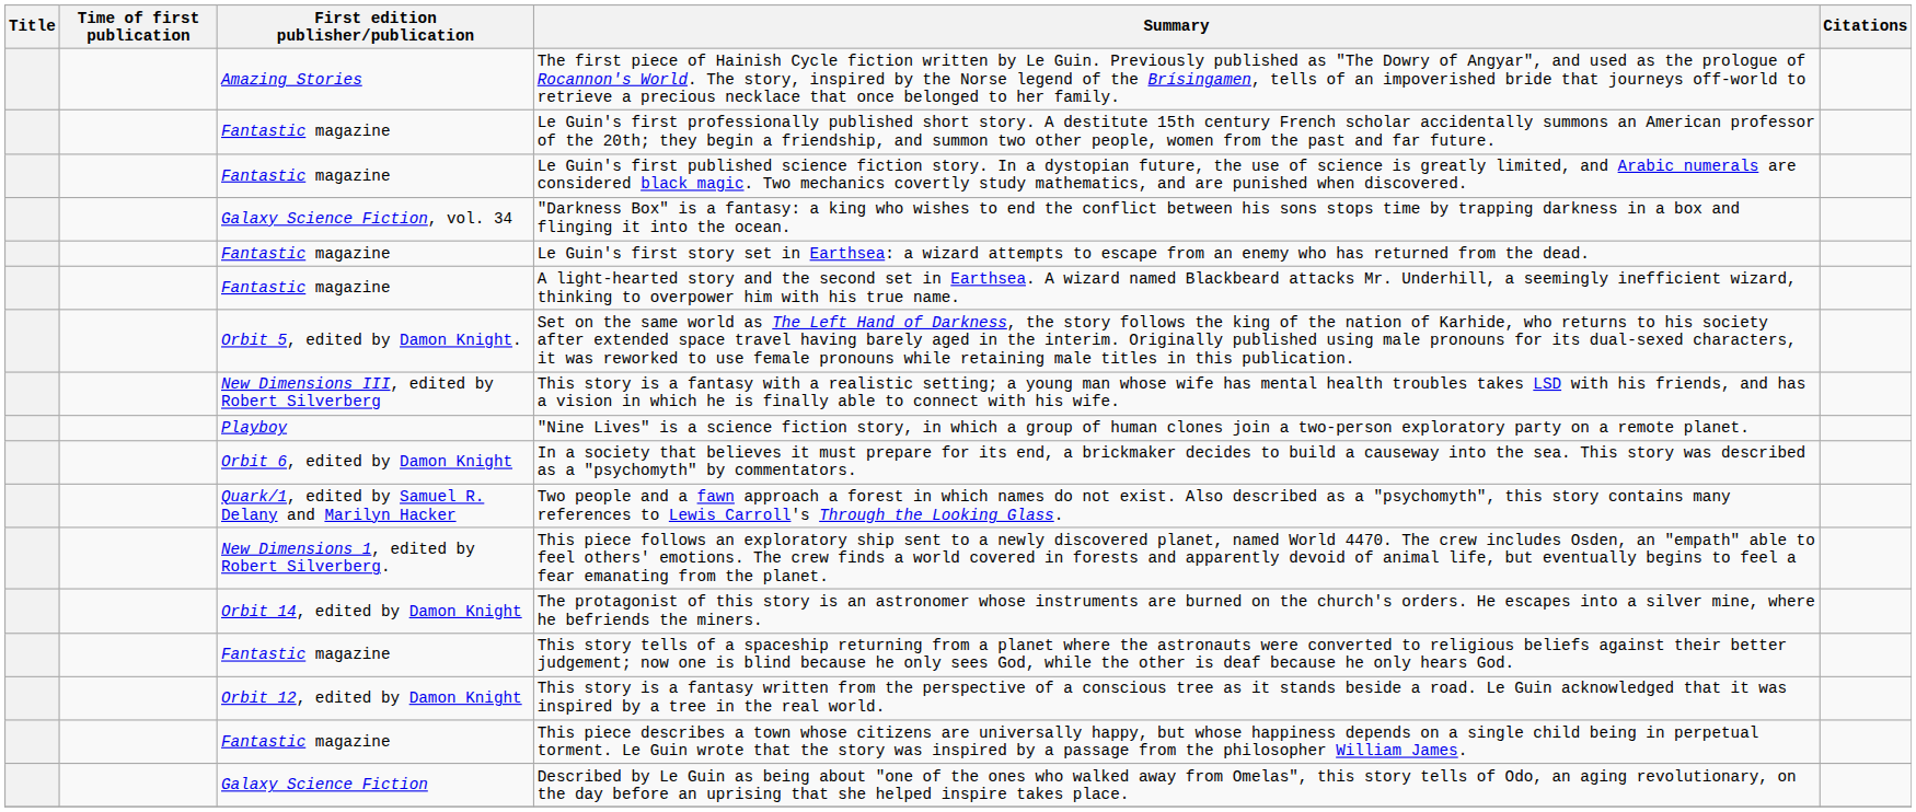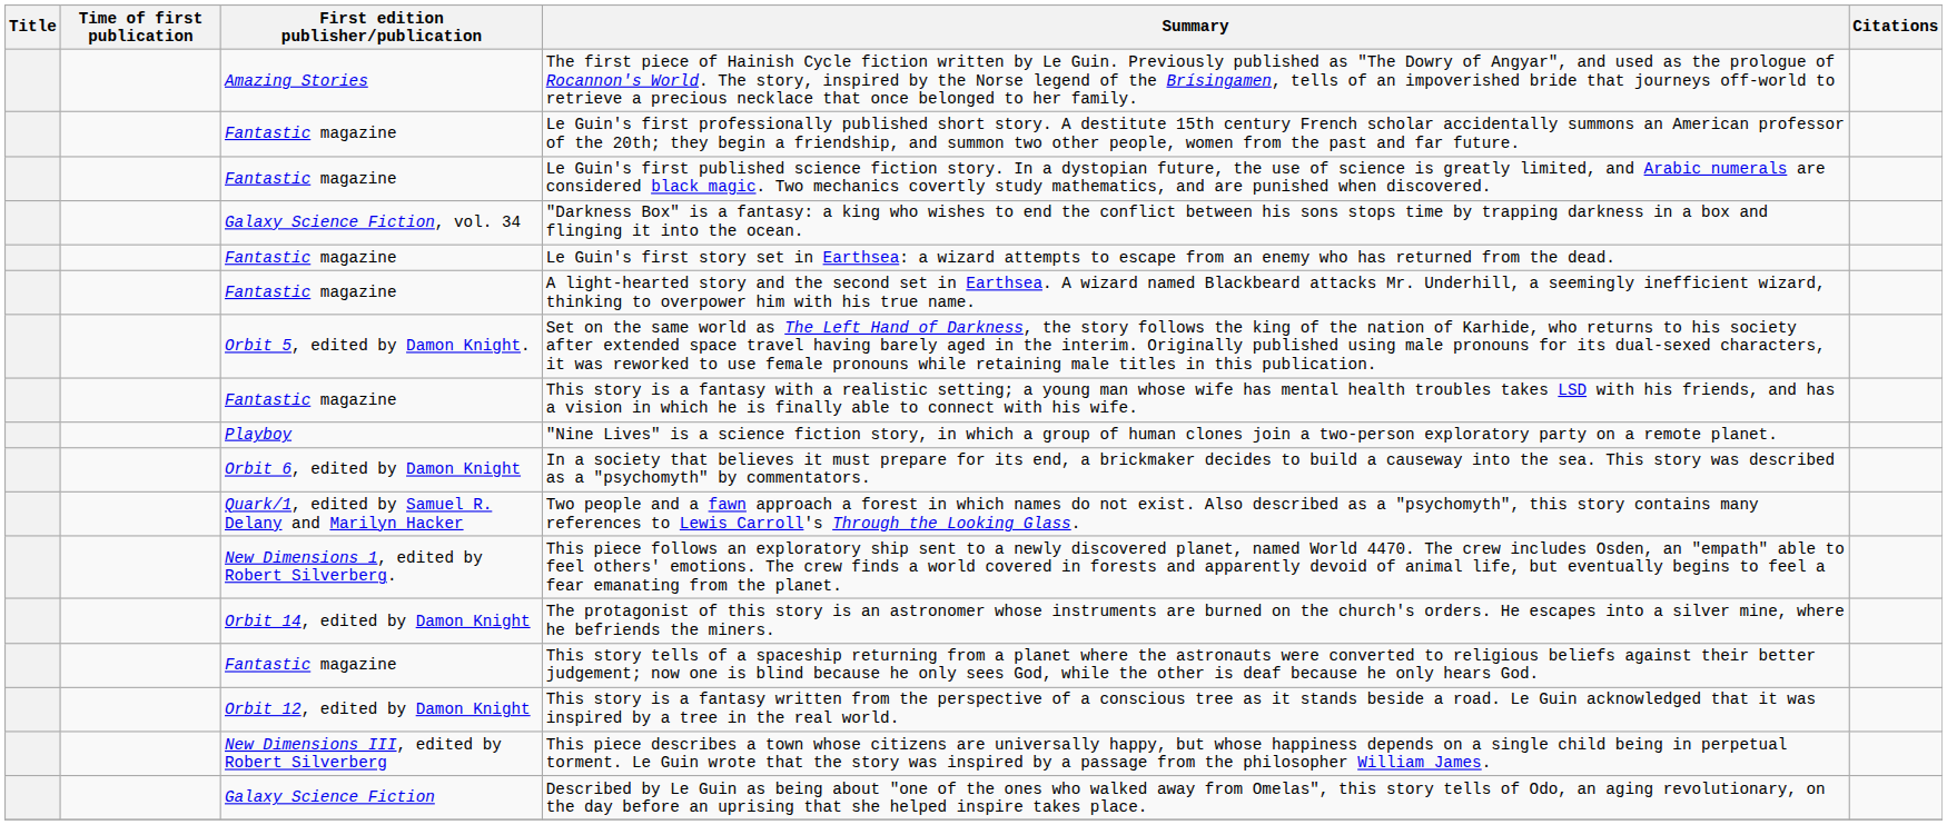 <table class="wikitable sortable plainrowheaders" style="margin-right: 0;">
 <tr>
 <th scope="col">Title</th>
 <th scope="col">Time of first publication</th>
 <th scope="col" class="unsortable">First edition publisher/publication</th>
 <th scope="col" class="unsortable">Summary</th>
 <th scope="col" class="unsortable">Citations</th>
 </tr>
 <tr>
 <th scope="row"></th>
 <td></td>
 <td><em><a href='#'>Amazing Stories</a></em></td>
 <td>The first piece of Hainish Cycle fiction written by Le Guin. Previously published as "The Dowry of Angyar", and used as the prologue of <em><a href='#'>Rocannon's World</a></em>. The story, inspired by the Norse legend of the <em><a href='#'>Brísingamen</a></em>, tells of an impoverished bride that journeys off-world to retrieve a precious necklace that once belonged to her family.</td>
 <td></td>
 </tr>
 <tr>
 <th scope="row"></th>
 <td></td>
 <td><em><a href='#'>Fantastic</a></em> magazine</td>
 <td>Le Guin's first professionally published short story. A destitute 15th century French scholar accidentally summons an American professor of the 20th; they begin a friendship, and summon two other people, women from the past and far future.</td>
 <td></td>
 </tr>
 <tr>
 <th scope="row"></th>
 <td></td>
 <td><em><a href='#'>Fantastic</a></em> magazine</td>
 <td>Le Guin's first published science fiction story. In a dystopian future, the use of science is greatly limited, and <a href='#'>Arabic numerals</a> are considered <a href='#'>black magic</a>. Two mechanics covertly study mathematics, and are punished when discovered.</td>
 <td></td>
 </tr>
 <tr>
 <th scope="row"></th>
 <td></td>
 <td><em><a href='#'>Galaxy Science Fiction</a></em>, vol. 34</td>
 <td>"Darkness Box" is a fantasy: a king who wishes to end the conflict between his sons stops time by trapping darkness in a box and flinging it into the ocean.</td>
 <td></td>
 </tr>
 <tr>
 <th scope="row"></th>
 <td></td>
 <td><em><a href='#'>Fantastic</a></em> magazine</td>
 <td>Le Guin's first story set in <a href='#'>Earthsea</a>: a wizard attempts to escape from an enemy who has returned from the dead.</td>
 <td></td>
 </tr>
 <tr>
 <th scope="row"></th>
 <td></td>
 <td><em><a href='#'>Fantastic</a></em> magazine</td>
 <td>A light-hearted story and the second set in <a href='#'>Earthsea</a>. A wizard named Blackbeard attacks Mr. Underhill, a seemingly inefficient wizard, thinking to overpower him with his true name.</td>
 <td></td>
 </tr>
 <tr>
 <th scope="row"></th>
 <td></td>
 <td><em><a href='#'>Orbit 5</a></em>, edited by <a href='#'>Damon Knight</a>.</td>
 <td>Set on the same world as <em><a href='#'>The Left Hand of Darkness</a></em>, the story follows the king of the nation of Karhide, who returns to his society after extended space travel having barely aged in the interim. Originally published using male pronouns for its dual-sexed characters, it was reworked to use female pronouns while retaining male titles in this publication.</td>
 <td></td>
 </tr>
 <tr>
 <th scope="row"></th>
 <td></td>
-<td><em><a href='#'>New Dimensions III</a></em>, edited by <a href='#'>Robert Silverberg</a></td>
+<td><em><a href='#'>Fantastic</a></em> magazine</td>
 <td>This story is a fantasy with a realistic setting; a young man whose wife has mental health troubles takes <a href='#'>LSD</a> with his friends, and has a vision in which he is finally able to connect with his wife.</td>
 <td></td>
 </tr>
 <tr>
 <th scope="row"></th>
 <td></td>
 <td><em><a href='#'>Playboy</a></em></td>
 <td>"Nine Lives" is a science fiction story, in which a group of human clones join a two-person exploratory party on a remote planet.</td>
 <td></td>
 </tr>
 <tr>
 <th scope="row"></th>
 <td></td>
 <td><em><a href='#'>Orbit 6</a></em>, edited by <a href='#'>Damon Knight</a></td>
 <td>In a society that believes it must prepare for its end, a brickmaker decides to build a causeway into the sea. This story was described as a "psychomyth" by commentators.</td>
 <td></td>
 </tr>
 <tr>
 <th scope="row"></th>
 <td></td>
 <td><em><a href='#'>Quark/1</a></em>, edited by <a href='#'>Samuel R. Delany</a> and <a href='#'>Marilyn Hacker</a></td>
 <td>Two people and a <a href='#'>fawn</a> approach a forest in which names do not exist. Also described as a "psychomyth", this story contains many references to <a href='#'>Lewis Carroll</a>'s <em><a href='#'>Through the Looking Glass</a></em>.</td>
 <td></td>
 </tr>
 <tr>
 <th scope="row"></th>
 <td></td>
 <td><em><a href='#'>New Dimensions 1</a></em>, edited by <a href='#'>Robert Silverberg</a>.</td>
 <td>This piece follows an exploratory ship sent to a newly discovered planet, named World 4470. The crew includes Osden, an "empath" able to feel others' emotions. The crew finds a world covered in forests and apparently devoid of animal life, but eventually begins to feel a fear emanating from the planet.</td>
 <td></td>
 </tr>
 <tr>
 <th scope="row"></th>
 <td></td>
 <td><em><a href='#'>Orbit 14</a></em>, edited by <a href='#'>Damon Knight</a></td>
 <td>The protagonist of this story is an astronomer whose instruments are burned on the church's orders. He escapes into a silver mine, where he befriends the miners.</td>
 <td></td>
 </tr>
 <tr>
 <th scope="row"></th>
 <td></td>
 <td><em><a href='#'>Fantastic</a></em> magazine</td>
 <td>This story tells of a spaceship returning from a planet where the astronauts were converted to religious beliefs against their better judgement; now one is blind because he only sees God, while the other is deaf because he only hears God.</td>
 <td></td>
 </tr>
 <tr>
 <th scope="row"></th>
 <td></td>
 <td><em><a href='#'>Orbit 12</a></em>, edited by <a href='#'>Damon Knight</a></td>
 <td>This story is a fantasy written from the perspective of a conscious tree as it stands beside a road. Le Guin acknowledged that it was inspired by a tree in the real world.</td>
 <td></td>
 </tr>
 <tr>
 <th scope="row"></th>
 <td></td>
-<td><em><a href='#'>Fantastic</a></em> magazine</td>
+<td><em><a href='#'>New Dimensions III</a></em>, edited by <a href='#'>Robert Silverberg</a></td>
 <td>This piece describes a town whose citizens are universally happy, but whose happiness depends on a single child being in perpetual torment. Le Guin wrote that the story was inspired by a passage from the philosopher <a href='#'>William James</a>.</td>
 <td></td>
 </tr>
 <tr>
 <th scope="row"></th>
 <td></td>
 <td><em><a href='#'>Galaxy Science Fiction</a></em></td>
 <td>Described by Le Guin as being about "one of the ones who walked away from Omelas", this story tells of Odo, an aging revolutionary, on the day before an uprising that she helped inspire takes place.</td>
 <td></td>
 </tr>
 <tr>
 </tr>
 </table>
